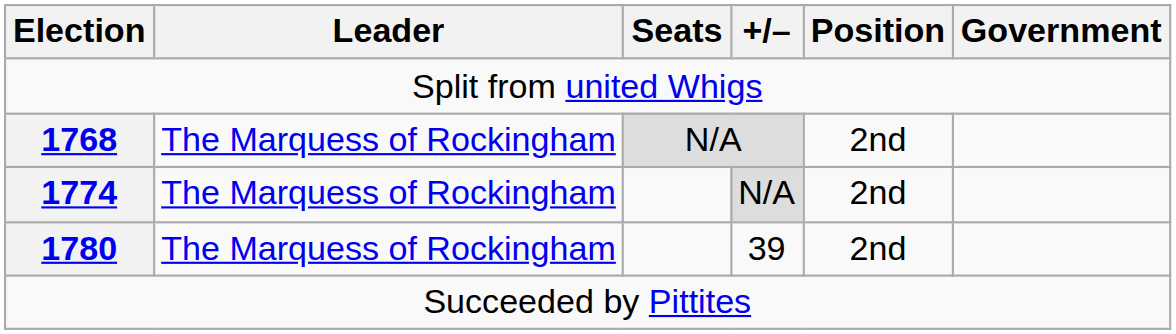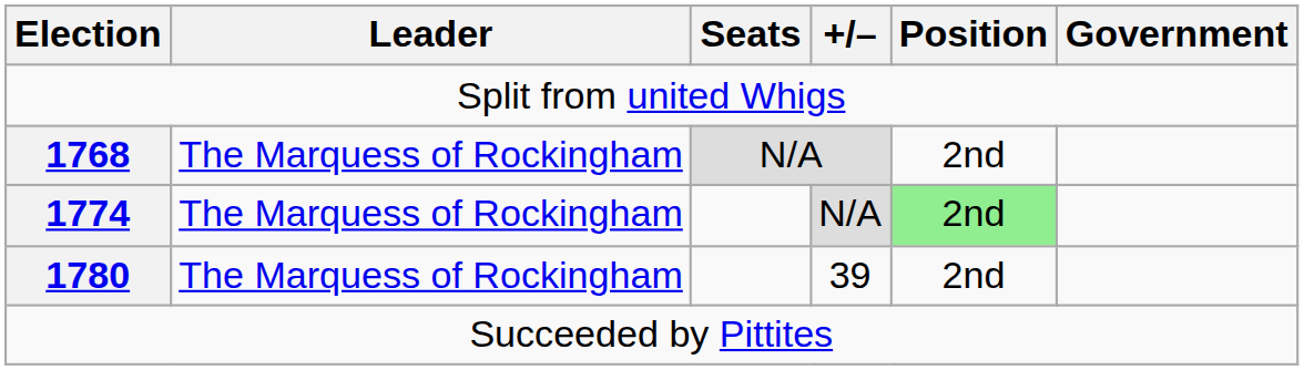 <table class=wikitable style="text-align:center;">
 <tr>
 <th>Election</th>
 <th>Leader</th>
 <th>Seats</th>
 <th>+/–</th>
 <th>Position</th>
 <th>Government</th>
 </tr>
 <tr>
 <td colspan=6 >Split from <a href='#'>united Whigs</a></td>
 </tr>
 <tr>
 <th><a href='#'>1768</a></th>
 <td><a href='#'>The Marquess of Rockingham</a></td>
 <td colspan=2 bgcolor=#DDD>N/A</td>
 <td>2nd</td>
 <td></td>
 </tr>
 <tr>
 <th><a href='#'>1774</a></th>
 <td><a href='#'>The Marquess of Rockingham</a></td>
 <td></td>
 <td bgcolor=#DDD>N/A</td>
-<td> 2nd</td>
+<td style="background: lightgreen;"> 2nd</td>
 <td></td>
 </tr>
 <tr>
 <th><a href='#'>1780</a></th>
 <td><a href='#'>The Marquess of Rockingham</a></td>
 <td></td>
 <td> 39</td>
 <td> 2nd</td>
 <td></td>
 </tr>
 <tr>
 <td colspan=6 >Succeeded by <a href='#'>Pittites</a></td>
 </tr>
 </table>
